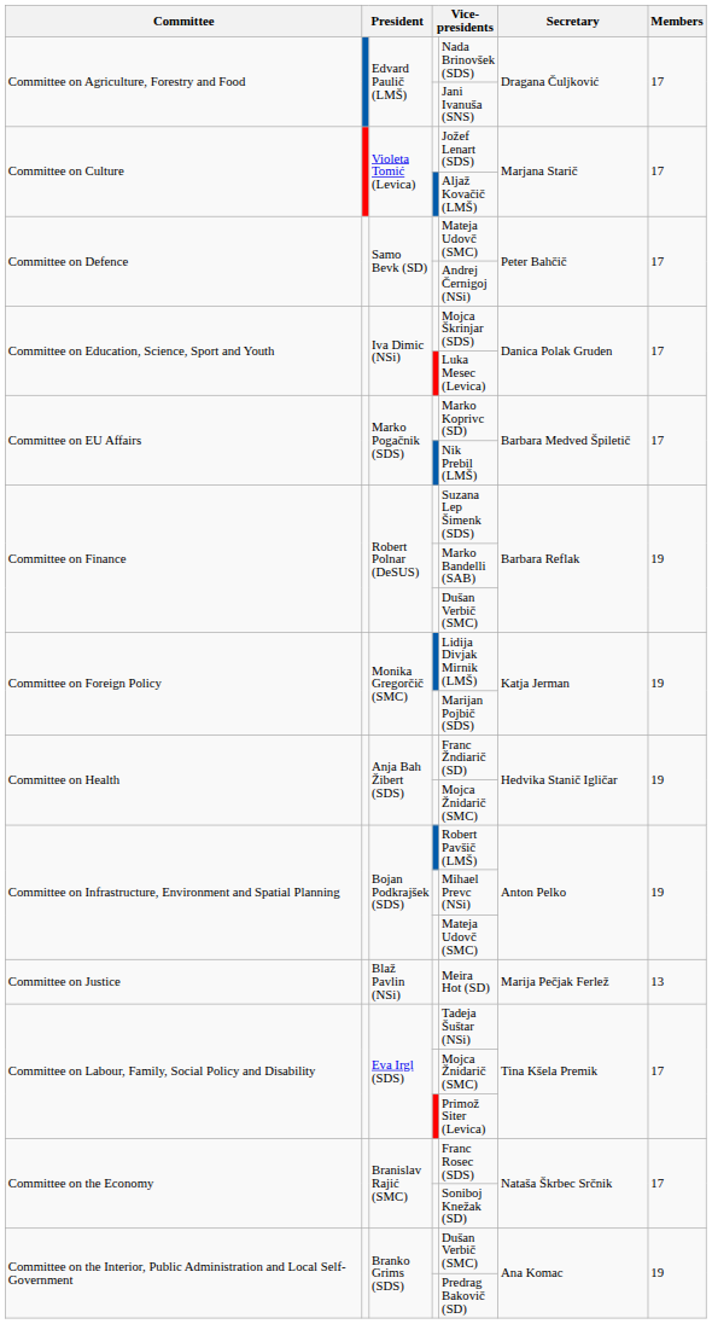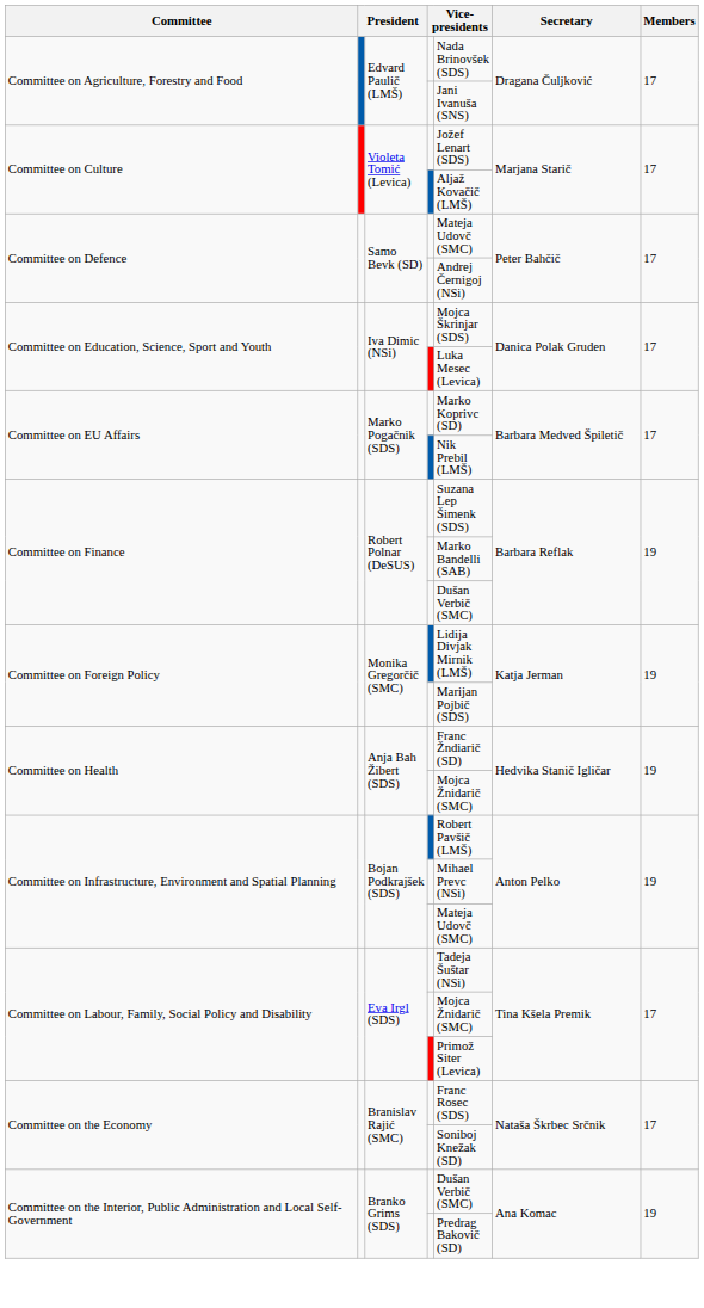 <table class="wikitable" style="line-height:16px;">
 <tr>
 <th style="width:500px;">Committee</th>
 <th colspan="2" style="width:200px;">President</th>
 <th colspan="2" style="width:200px;">Vice-presidents</th>
 <th style="width:200px;">Secretary</th>
 <th>Members</th>
 </tr>
 <tr>
 <td rowspan="2">Committee on Agriculture, Forestry and Food</td>
 <td rowspan="2" style="background:#005bab; width:1px;"></td>
 <td rowspan="2">Edvard Paulič (LMŠ)</td>
 <td style="background:"></td>
 <td>Nada Brinovšek (SDS)</td>
 <td rowspan="2">Dragana Čuljković</td>
 <td rowspan="2">17</td>
 </tr>
 <tr>
 <td style="background:"></td>
 <td>Jani Ivanuša (SNS)</td>
 </tr>
 <tr>
 <td rowspan="2">Committee on Culture</td>
 <td rowspan="2" style="background:red"></td>
 <td rowspan="2"><a href='#'>Violeta Tomić</a> (Levica)</td>
 <td style="background:"></td>
 <td>Jožef Lenart (SDS)</td>
 <td rowspan="2">Marjana Starič</td>
 <td rowspan="2">17</td>
 </tr>
 <tr>
 <td style="background:#005bab"></td>
 <td>Aljaž Kovačič (LMŠ)</td>
 </tr>
 <tr>
 <td rowspan="2">Committee on Defence</td>
 <td rowspan="2" style="background:"></td>
 <td rowspan="2">Samo Bevk (SD)</td>
 <td style="background:"></td>
 <td>Mateja Udovč (SMC)</td>
 <td rowspan="2">Peter Bahčič</td>
 <td rowspan="2">17</td>
 </tr>
 <tr>
 <td style="background:"></td>
 <td>Andrej Černigoj (NSi)</td>
 </tr>
 <tr>
 <td rowspan="2">Committee on Education, Science, Sport and Youth</td>
 <td rowspan="2" style="background:"></td>
 <td rowspan="2">Iva Dimic (NSi)</td>
 <td style="background:"></td>
 <td>Mojca Škrinjar (SDS)</td>
 <td rowspan="2">Danica Polak Gruden</td>
 <td rowspan="2">17</td>
 </tr>
 <tr>
 <td style="background:red"></td>
 <td>Luka Mesec (Levica)</td>
 </tr>
 <tr>
 <td rowspan="2">Committee on EU Affairs</td>
 <td rowspan="2" style="background:"></td>
 <td rowspan="2">Marko Pogačnik (SDS)</td>
 <td style="background:"></td>
 <td>Marko Koprivc (SD)</td>
 <td rowspan="2">Barbara Medved Špiletič</td>
 <td rowspan="2">17</td>
 </tr>
 <tr>
 <td style="background:#005bab"></td>
 <td>Nik Prebil (LMŠ)</td>
 </tr>
 <tr>
 <td rowspan="3">Committee on Finance</td>
 <td rowspan="3" style="background:"></td>
 <td rowspan="3">Robert Polnar (DeSUS)</td>
 <td style="background:"></td>
 <td>Suzana Lep Šimenk (SDS)</td>
 <td rowspan="3">Barbara Reflak</td>
 <td rowspan="3">19</td>
 </tr>
 <tr>
 <td style="background:"></td>
 <td>Marko Bandelli (SAB)</td>
 </tr>
 <tr>
 <td style="background:"></td>
 <td>Dušan Verbič (SMC)</td>
 </tr>
 <tr>
 <td rowspan="2">Committee on Foreign Policy</td>
 <td rowspan="2" style="background:"></td>
 <td rowspan="2">Monika Gregorčič (SMC)</td>
 <td style="background:#005bab;"></td>
 <td>Lidija Divjak Mirnik (LMŠ)</td>
 <td rowspan="2">Katja Jerman</td>
 <td rowspan="2">19</td>
 </tr>
 <tr>
 <td style="background:"></td>
 <td>Marijan Pojbič (SDS)</td>
 </tr>
 <tr>
 <td rowspan="2">Committee on Health</td>
 <td rowspan="2" style="background:"></td>
 <td rowspan="2">Anja Bah Žibert (SDS)</td>
 <td style="background:"></td>
 <td>Franc Žndiarič (SD)</td>
 <td rowspan="2">Hedvika Stanič Igličar</td>
 <td rowspan="2">19</td>
 </tr>
 <tr>
 <td style="background:"></td>
 <td>Mojca Žnidarič (SMC)</td>
 </tr>
 <tr>
 <td rowspan="3">Committee on Infrastructure, Environment and Spatial Planning</td>
 <td rowspan="3" style="background:"></td>
 <td rowspan="3">Bojan Podkrajšek (SDS)</td>
 <td style="background:#005bab; width:1px;"></td>
 <td>Robert Pavšič (LMŠ)</td>
 <td rowspan="3">Anton Pelko</td>
 <td rowspan="3">19</td>
 </tr>
 <tr>
 <td style="background:"></td>
 <td>Mihael Prevc (NSi)</td>
 </tr>
 <tr>
 <td style="background:"></td>
 <td>Mateja Udovč (SMC)</td>
 </tr>
 <tr>
-<td>Committee on Justice</td>
-<td style="background:"></td>
-<td>Blaž Pavlin (NSi)</td>
-<td style="background:"></td>
-<td>Meira Hot (SD)</td>
-<td>Marija Pečjak Ferlež</td>
-<td>13</td>
-</tr>
-<tr>
 <td rowspan="3">Committee on Labour, Family, Social Policy and Disability</td>
 <td rowspan="3" style="background:"></td>
 <td rowspan="3"><a href='#'>Eva Irgl</a> (SDS)</td>
 <td style="background:"></td>
 <td>Tadeja Šuštar (NSi)</td>
 <td rowspan="3">Tina Kšela Premik</td>
 <td rowspan="3">17</td>
 </tr>
 <tr>
 <td style="background:"></td>
 <td>Mojca Žnidarič (SMC)</td>
 </tr>
 <tr>
 <td style="background:red"></td>
 <td>Primož Siter (Levica)</td>
 </tr>
 <tr>
 <td rowspan="2">Committee on the Economy</td>
 <td rowspan="2" style="background:"></td>
 <td rowspan="2">Branislav Rajić (SMC)</td>
 <td style="background:"></td>
 <td>Franc Rosec (SDS)</td>
 <td rowspan="2">Nataša Škrbec Srčnik</td>
 <td rowspan="2">17</td>
 </tr>
 <tr>
 <td style="background:"></td>
 <td>Soniboj Knežak (SD)</td>
 </tr>
 <tr>
 <td rowspan="2">Committee on the Interior, Public Administration and Local Self-Government</td>
 <td rowspan="2" style="background:"></td>
 <td rowspan="2">Branko Grims (SDS)</td>
 <td style="background:"></td>
 <td>Dušan Verbič (SMC)</td>
 <td rowspan="2">Ana Komac</td>
 <td rowspan="2">19</td>
 </tr>
 <tr>
 <td style="background:"></td>
 <td>Predrag Bakovič (SD)</td>
 </tr>
 </table>
